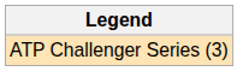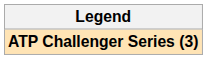 <table class="wikitable">
 <tr>
 <th>Legend</th>
 </tr>
 <tr bgcolor=moccasin>
-<td>ATP Challenger Series (3)</td>
+<td><strong>ATP Challenger Series (3)</strong></td>
 </tr>
 </table>
